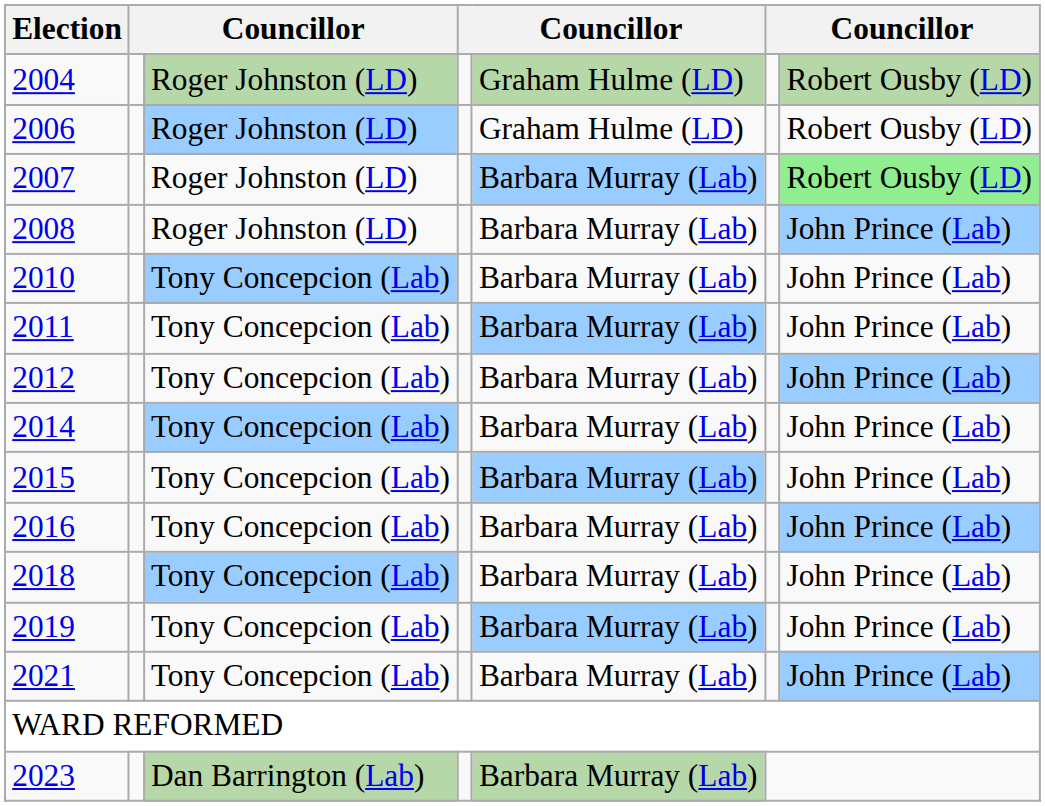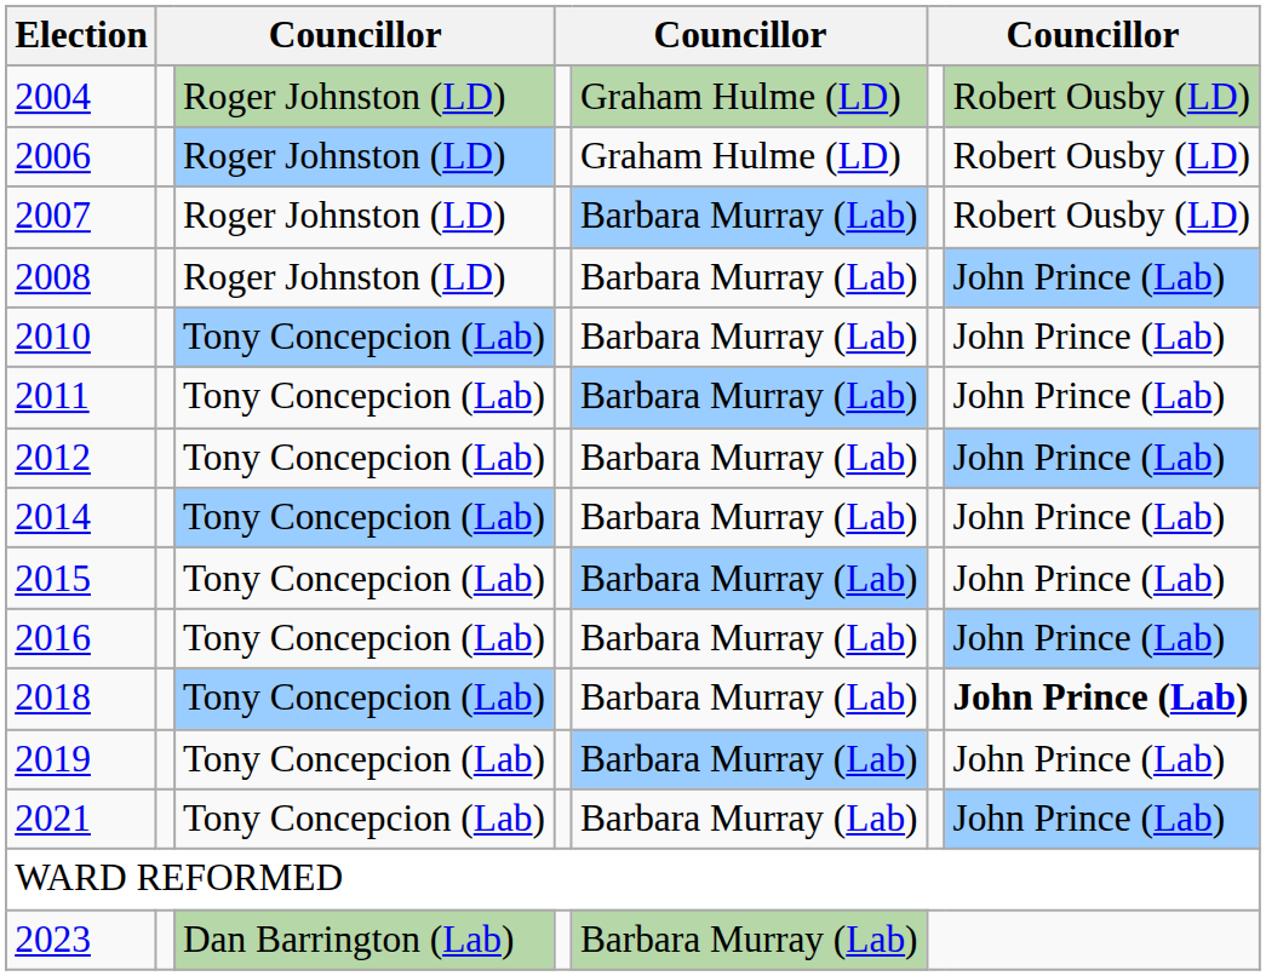 <table class="wikitable">
 <tr>
 <th>Election</th>
 <th colspan="2">Councillor</th>
 <th colspan="2">Councillor</th>
 <th colspan="2">Councillor</th>
 </tr>
 <tr>
 <td><a href='#'>2004</a></td>
 <td style="background-color: "></td>
 <td bgcolor="#B6D7A8">Roger Johnston (<a href='#'>LD</a>)</td>
 <td style="background-color: "></td>
 <td bgcolor="#B6D7A8">Graham Hulme (<a href='#'>LD</a>)</td>
 <td style="background-color: "></td>
 <td bgcolor="#B6D7A8">Robert Ousby (<a href='#'>LD</a>)</td>
 </tr>
 <tr>
 <td><a href='#'>2006</a></td>
 <td style="background-color: "></td>
 <td bgcolor="#99CCFF">Roger Johnston (<a href='#'>LD</a>)</td>
 <td style="background-color: "></td>
 <td>Graham Hulme (<a href='#'>LD</a>)</td>
 <td style="background-color: "></td>
 <td>Robert Ousby (<a href='#'>LD</a>)</td>
 </tr>
 <tr>
 <td><a href='#'>2007</a></td>
 <td style="background-color: "></td>
 <td>Roger Johnston (<a href='#'>LD</a>)</td>
 <td style="background-color: "></td>
 <td bgcolor="#99CCFF">Barbara Murray (<a href='#'>Lab</a>)</td>
 <td style="background-color: "></td>
-<td style="background: lightgreen;">Robert Ousby (<a href='#'>LD</a>)</td>
+<td>Robert Ousby (<a href='#'>LD</a>)</td>
 </tr>
 <tr>
 <td><a href='#'>2008</a></td>
 <td style="background-color: "></td>
 <td>Roger Johnston (<a href='#'>LD</a>)</td>
 <td style="background-color: "></td>
 <td>Barbara Murray (<a href='#'>Lab</a>)</td>
 <td style="background-color: "></td>
 <td bgcolor="#99CCFF">John Prince (<a href='#'>Lab</a>)</td>
 </tr>
 <tr>
 <td><a href='#'>2010</a></td>
 <td style="background-color: "></td>
 <td bgcolor="#99CCFF">Tony Concepcion (<a href='#'>Lab</a>)</td>
 <td style="background-color: "></td>
 <td>Barbara Murray (<a href='#'>Lab</a>)</td>
 <td style="background-color: "></td>
 <td>John Prince (<a href='#'>Lab</a>)</td>
 </tr>
 <tr>
 <td><a href='#'>2011</a></td>
 <td style="background-color: "></td>
 <td>Tony Concepcion (<a href='#'>Lab</a>)</td>
 <td style="background-color: "></td>
 <td bgcolor="#99CCFF">Barbara Murray (<a href='#'>Lab</a>)</td>
 <td style="background-color: "></td>
 <td>John Prince (<a href='#'>Lab</a>)</td>
 </tr>
 <tr>
 <td><a href='#'>2012</a></td>
 <td style="background-color: "></td>
 <td>Tony Concepcion (<a href='#'>Lab</a>)</td>
 <td style="background-color: "></td>
 <td>Barbara Murray (<a href='#'>Lab</a>)</td>
 <td style="background-color: "></td>
 <td bgcolor="#99CCFF">John Prince (<a href='#'>Lab</a>)</td>
 </tr>
 <tr>
 <td><a href='#'>2014</a></td>
 <td style="background-color: "></td>
 <td bgcolor="#99CCFF">Tony Concepcion (<a href='#'>Lab</a>)</td>
 <td style="background-color: "></td>
 <td>Barbara Murray (<a href='#'>Lab</a>)</td>
 <td style="background-color: "></td>
 <td>John Prince (<a href='#'>Lab</a>)</td>
 </tr>
 <tr>
 <td><a href='#'>2015</a></td>
 <td style="background-color: "></td>
 <td>Tony Concepcion (<a href='#'>Lab</a>)</td>
 <td style="background-color: "></td>
 <td bgcolor="#99CCFF">Barbara Murray (<a href='#'>Lab</a>)</td>
 <td style="background-color: "></td>
 <td>John Prince (<a href='#'>Lab</a>)</td>
 </tr>
 <tr>
 <td><a href='#'>2016</a></td>
 <td style="background-color: "></td>
 <td>Tony Concepcion (<a href='#'>Lab</a>)</td>
 <td style="background-color: "></td>
 <td>Barbara Murray (<a href='#'>Lab</a>)</td>
 <td style="background-color: "></td>
 <td bgcolor="#99CCFF">John Prince (<a href='#'>Lab</a>)</td>
 </tr>
 <tr>
 <td><a href='#'>2018</a></td>
 <td style="background-color: "></td>
 <td bgcolor="#99CCFF">Tony Concepcion (<a href='#'>Lab</a>)</td>
 <td style="background-color: "></td>
 <td>Barbara Murray (<a href='#'>Lab</a>)</td>
 <td style="background-color: "></td>
-<td>John Prince (<a href='#'>Lab</a>)</td>
+<td><strong>John Prince (<a href='#'>Lab</a>)</strong></td>
 </tr>
 <tr>
 <td><a href='#'>2019</a></td>
 <td style="background-color: "></td>
 <td>Tony Concepcion (<a href='#'>Lab</a>)</td>
 <td style="background-color: "></td>
 <td bgcolor="#99CCFF">Barbara Murray (<a href='#'>Lab</a>)</td>
 <td style="background-color: "></td>
 <td>John Prince (<a href='#'>Lab</a>)</td>
 </tr>
 <tr>
 <td><a href='#'>2021</a></td>
 <td style="background-color: "></td>
 <td>Tony Concepcion (<a href='#'>Lab</a>)</td>
 <td style="background-color: "></td>
 <td>Barbara Murray (<a href='#'>Lab</a>)</td>
 <td style="background-color: "></td>
 <td bgcolor="#99CCFF">John Prince (<a href='#'>Lab</a>)</td>
 </tr>
 <tr>
 <td colspan="8" bgcolor="#FFF"><div>WARD REFORMED</div></td>
 </tr>
 <tr>
 <td><a href='#'>2023</a></td>
 <td style="background-color: "></td>
 <td bgcolor="#B6D7A8">Dan Barrington (<a href='#'>Lab</a>)</td>
 <td style="background-color: "></td>
 <td bgcolor="#B6D7A8">Barbara Murray (<a href='#'>Lab</a>)</td>
 </tr>
 </table>
